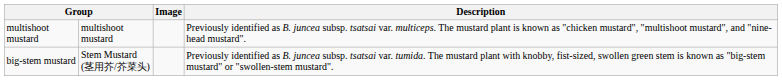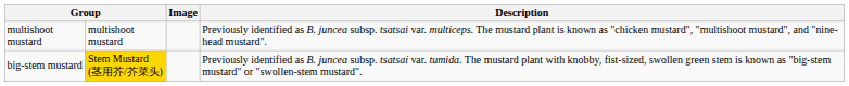 <table class="wikitable">
 <tr>
 <th colspan="2">Group</th>
 <th>Image</th>
 <th>Description</th>
 </tr>
 <tr>
 <td>multishoot mustard</td>
 <td>multishoot mustard</td>
 <td></td>
 <td>Previously identified as <em>B. juncea</em> subsp. <em>tsatsai</em> var. <em>multiceps</em>. The mustard plant is known as "chicken mustard", "multishoot mustard", and "nine-head mustard".</td>
 </tr>
 <tr>
 <td>big-stem mustard</td>
-<td>Stem Mustard<br>(茎用芥/芥菜头)</td>
+<td style="background: gold;">Stem Mustard<br>(茎用芥/芥菜头)</td>
 <td></td>
 <td>Previously identified as <em>B. juncea</em> subsp. <em>tsatsai</em> var. <em>tumida</em>. The mustard plant with knobby, fist-sized, swollen green stem is known as "big-stem mustard" or "swollen-stem mustard".</td>
 </tr>
 </table>
